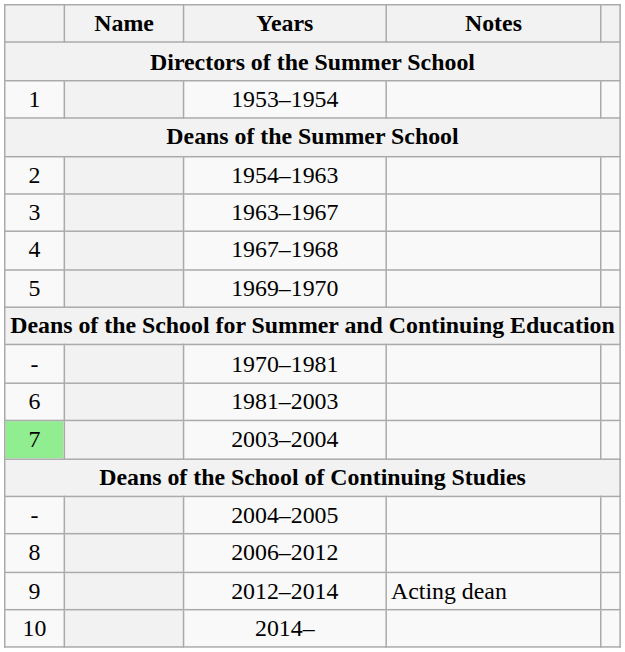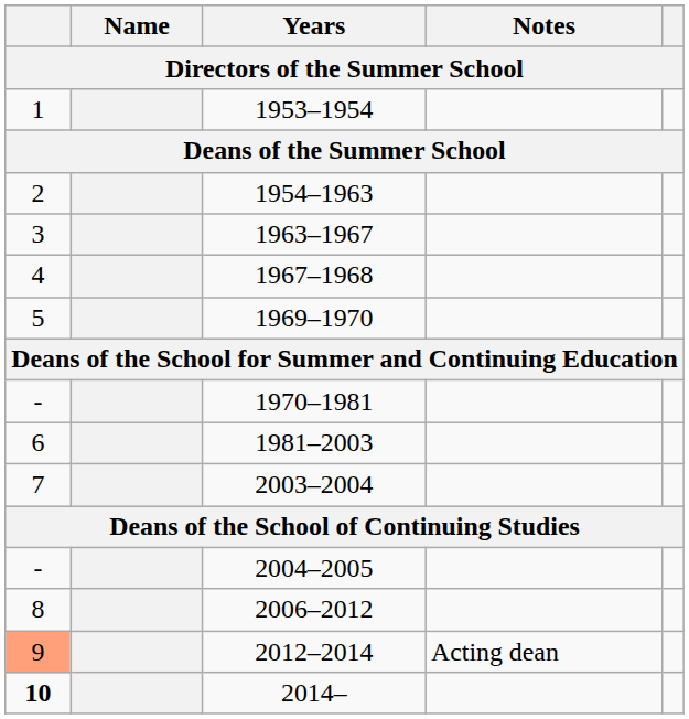 <table class="wikitable sortable plainrowheaders">
 <tr>
 <th scope="col"></th>
 <th scope="col">Name</th>
 <th scope="col">Years</th>
 <th scope="col" class="unsortable">Notes</th>
 <th scope="col" class="unsortable"></th>
 </tr>
 <tr>
 <th colspan="5" align="center">Directors of the Summer School</th>
 </tr>
 <tr>
 <td align="center">1</td>
 <th scope="row"> </th>
 <td align="center">1953–1954</td>
 <td></td>
 <td align="center"></td>
 </tr>
 <tr>
 <th colspan="5">Deans of the Summer School</th>
 </tr>
 <tr>
 <td align="center">2</td>
 <th scope="row"></th>
 <td align="center">1954–1963</td>
 <td></td>
 <td align="center"></td>
 </tr>
 <tr>
 <td align="center">3</td>
 <th scope="row"></th>
 <td align="center">1963–1967</td>
 <td></td>
 <td align="center"></td>
 </tr>
 <tr>
 <td align="center">4</td>
 <th scope="row"></th>
 <td align="center">1967–1968</td>
 <td></td>
 <td align="center"></td>
 </tr>
 <tr>
 <td align="center">5</td>
 <th scope="row"></th>
 <td align="center">1969–1970</td>
 <td></td>
 <td align="center"></td>
 </tr>
 <tr>
 <th colspan="5">Deans of the School for Summer and Continuing Education</th>
 </tr>
 <tr>
 <td align="center">-</td>
 <th scope="row"></th>
 <td align="center">1970–1981</td>
 <td></td>
 <td align="center"></td>
 </tr>
 <tr>
 <td align="center">6</td>
 <th scope="row"></th>
 <td align="center">1981–2003</td>
 <td></td>
 <td align="center"></td>
 </tr>
 <tr>
-<td align="center" style="background: lightgreen;">7</td>
+<td align="center">7</td>
 <th scope="row"></th>
 <td align="center">2003–2004</td>
 <td></td>
 <td align="center"></td>
 </tr>
 <tr>
 <th colspan="5">Deans of the School of Continuing Studies</th>
 </tr>
 <tr>
 <td align="center">-</td>
 <th scope="row"></th>
 <td align="center">2004–2005</td>
 <td></td>
 <td align="center"></td>
 </tr>
 <tr>
 <td align="center">8</td>
 <th scope="row"></th>
 <td align="center">2006–2012</td>
 <td></td>
 <td align="center"></td>
 </tr>
 <tr>
-<td align="center">9</td>
+<td align="center" style="background: lightsalmon;">9</td>
 <th scope="row"></th>
 <td align="center">2012–2014</td>
 <td>Acting dean</td>
 <td align="center"></td>
 </tr>
 <tr>
-<td align="center">10</td>
+<td align="center"><strong>10</strong></td>
 <th scope="row"></th>
 <td align="center">2014–</td>
 <td></td>
 <td align="center"></td>
 </tr>
 </table>
